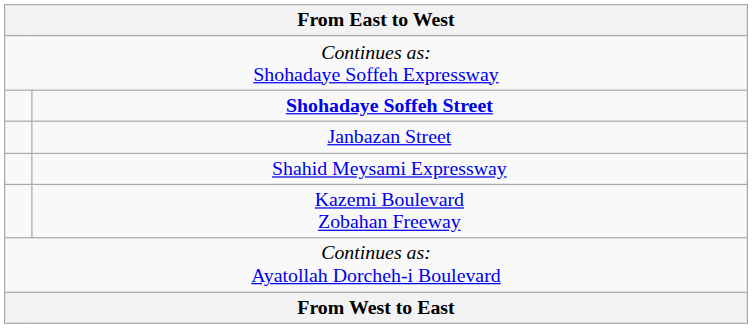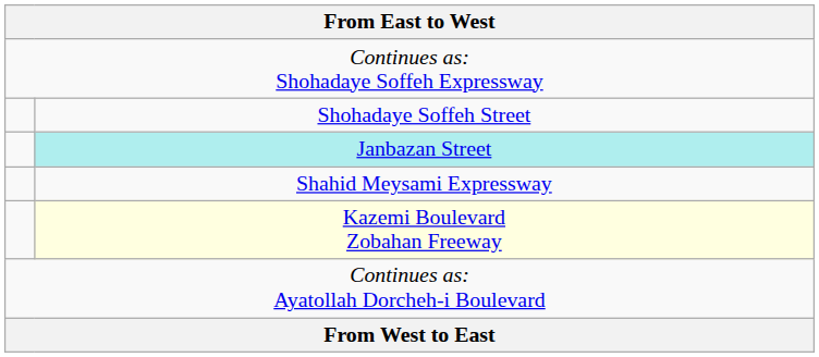 <table class="wikitable" style="text-align:center" width="600px">
 <tr>
 <th text-align="center" colspan="3"> From East to West </th>
 </tr>
 <tr>
 <td colspan="7" align="center"><em>Continues as:</em><br> <a href='#'>Shohadaye Soffeh Expressway</a></td>
 </tr>
 <tr>
 <td><br></td>
-<td><strong> <a href='#'>Shohadaye Soffeh Street</a></strong></td>
+<td> <a href='#'>Shohadaye Soffeh Street</a></td>
 </tr>
 <tr>
 <td></td>
-<td> <a href='#'>Janbazan Street</a></td>
+<td style="background: paleturquoise;"> <a href='#'>Janbazan Street</a></td>
 </tr>
 <tr>
 <td></td>
 <td> <a href='#'>Shahid Meysami Expressway</a></td>
 </tr>
 <tr>
 <td><br></td>
-<td> <a href='#'>Kazemi Boulevard</a><br> <a href='#'>Zobahan Freeway</a></td>
+<td style="background: lightyellow;"> <a href='#'>Kazemi Boulevard</a><br> <a href='#'>Zobahan Freeway</a></td>
 </tr>
 <tr>
 <td colspan="7" align="center"><em>Continues as:</em><br> <a href='#'>Ayatollah Dorcheh-i Boulevard</a></td>
 </tr>
 <tr>
 <th text-align="center" colspan="3"> From West to East </th>
 </tr>
 </table>
